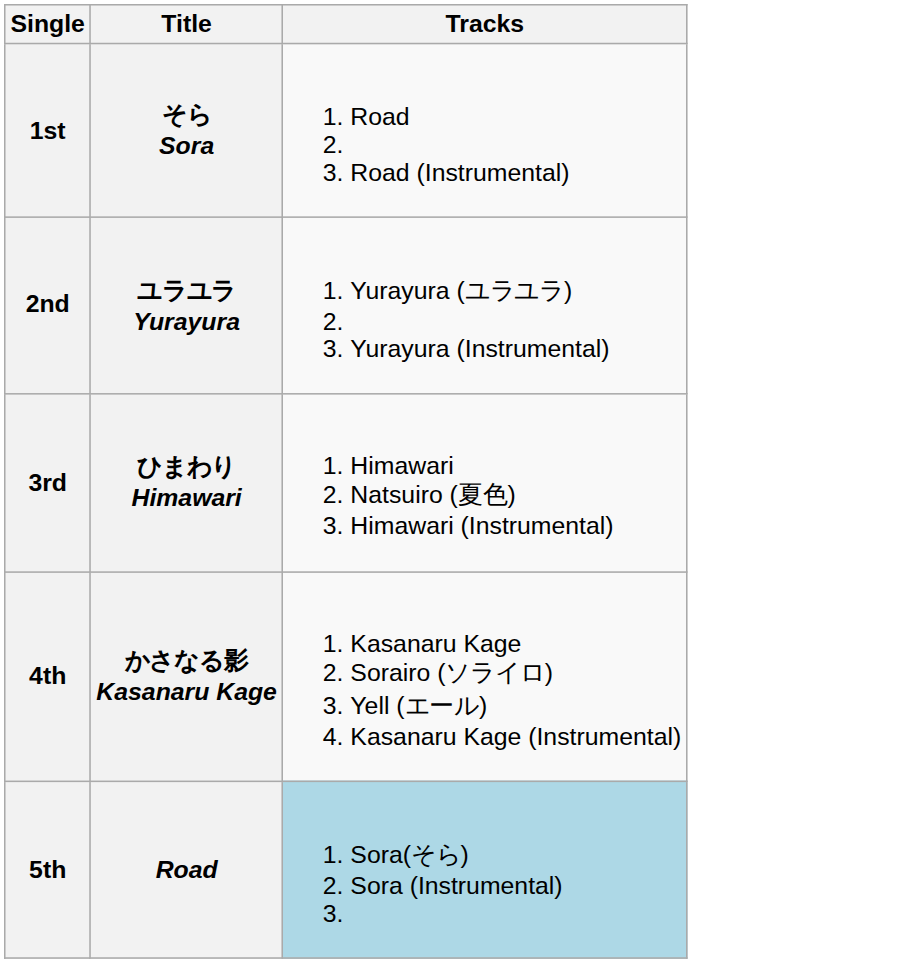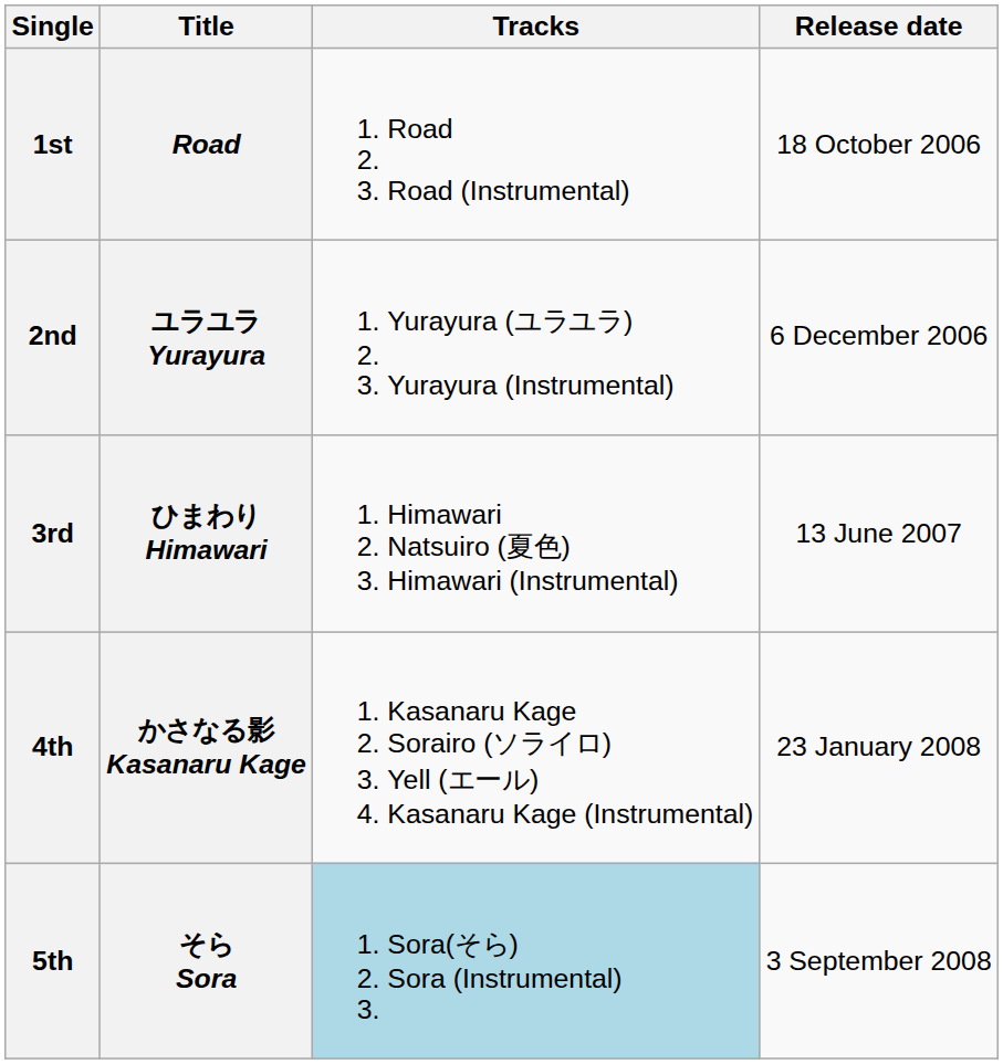 <table class="wikitable" style="text-align: center">
 <tr>
 <th>Single</th>
 <th>Title</th>
 <th>Tracks</th>
+<th>Release date</th>
 </tr>
 <tr>
 <th>1st</th>
-<th>そら <br> <em>Sora</em></th>
+<th><em>Road</em></th>
 <td align="left"><br><ol><li>Road</li><li></li><li>Road (Instrumental)</li></ol></td>
+<td>18 October 2006</td>
 </tr>
 <tr>
 <th>2nd</th>
 <th>ユラユラ <br> <em>Yurayura</em></th>
 <td align="left"><br><ol><li>Yurayura (ユラユラ)</li><li></li><li>Yurayura (Instrumental)</li></ol></td>
+<td>6 December 2006</td>
 </tr>
 <tr>
 <th>3rd</th>
 <th>ひまわり <br> <em>Himawari</em></th>
 <td align="left"><br><ol><li>Himawari</li><li>Natsuiro (夏色)</li><li>Himawari (Instrumental)</li></ol></td>
+<td>13 June 2007</td>
 </tr>
 <tr>
 <th>4th</th>
 <th>かさなる影 <br> <em>Kasanaru Kage</em></th>
 <td align="left"><br><ol><li>Kasanaru Kage</li><li>Sorairo (ソライロ)</li><li>Yell (エール)</li><li>Kasanaru Kage (Instrumental)</li></ol></td>
+<td>23 January 2008</td>
 </tr>
 <tr>
 <th>5th</th>
-<th><em>Road</em></th>
+<th>そら <br> <em>Sora</em></th>
 <td align="left" style="background: lightblue;"><br><ol><li>Sora(そら)</li><li>Sora (Instrumental)</li><li></li></ol></td>
+<td>3 September 2008</td>
 </tr>
 </table>
